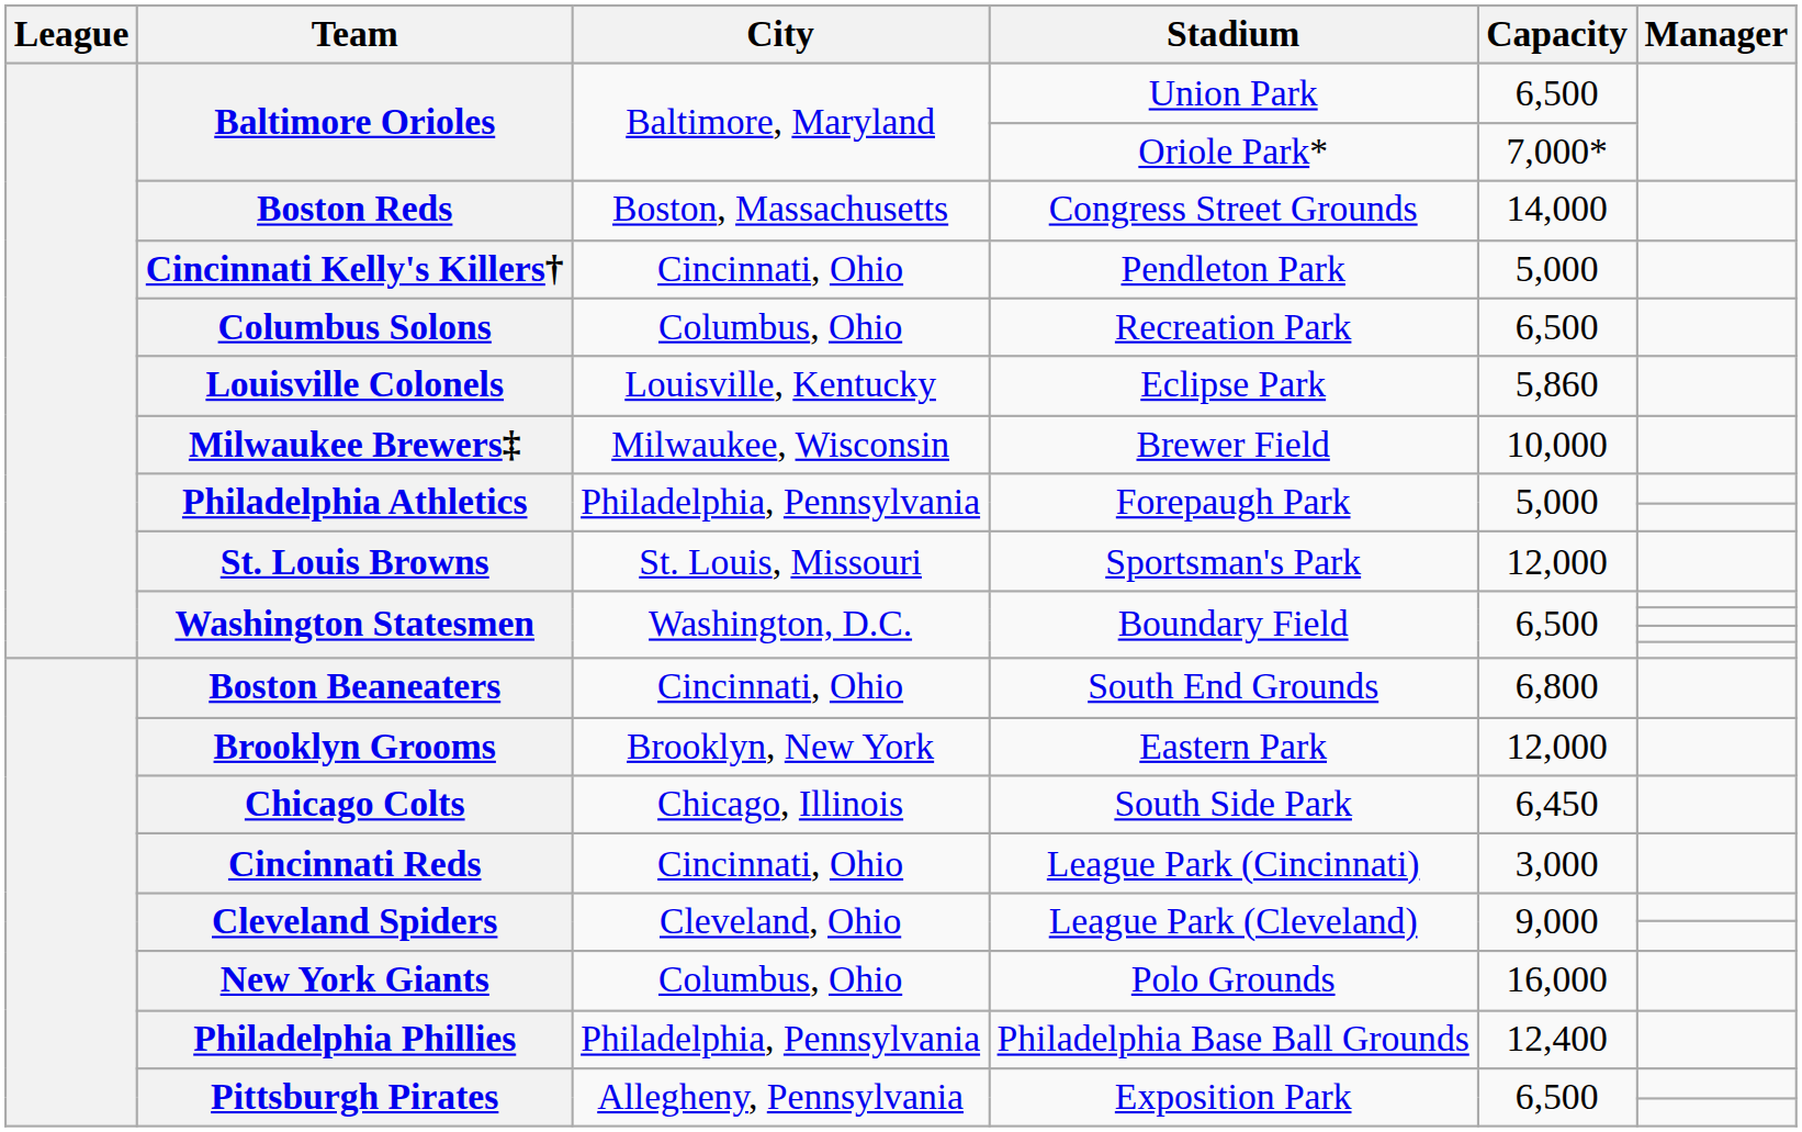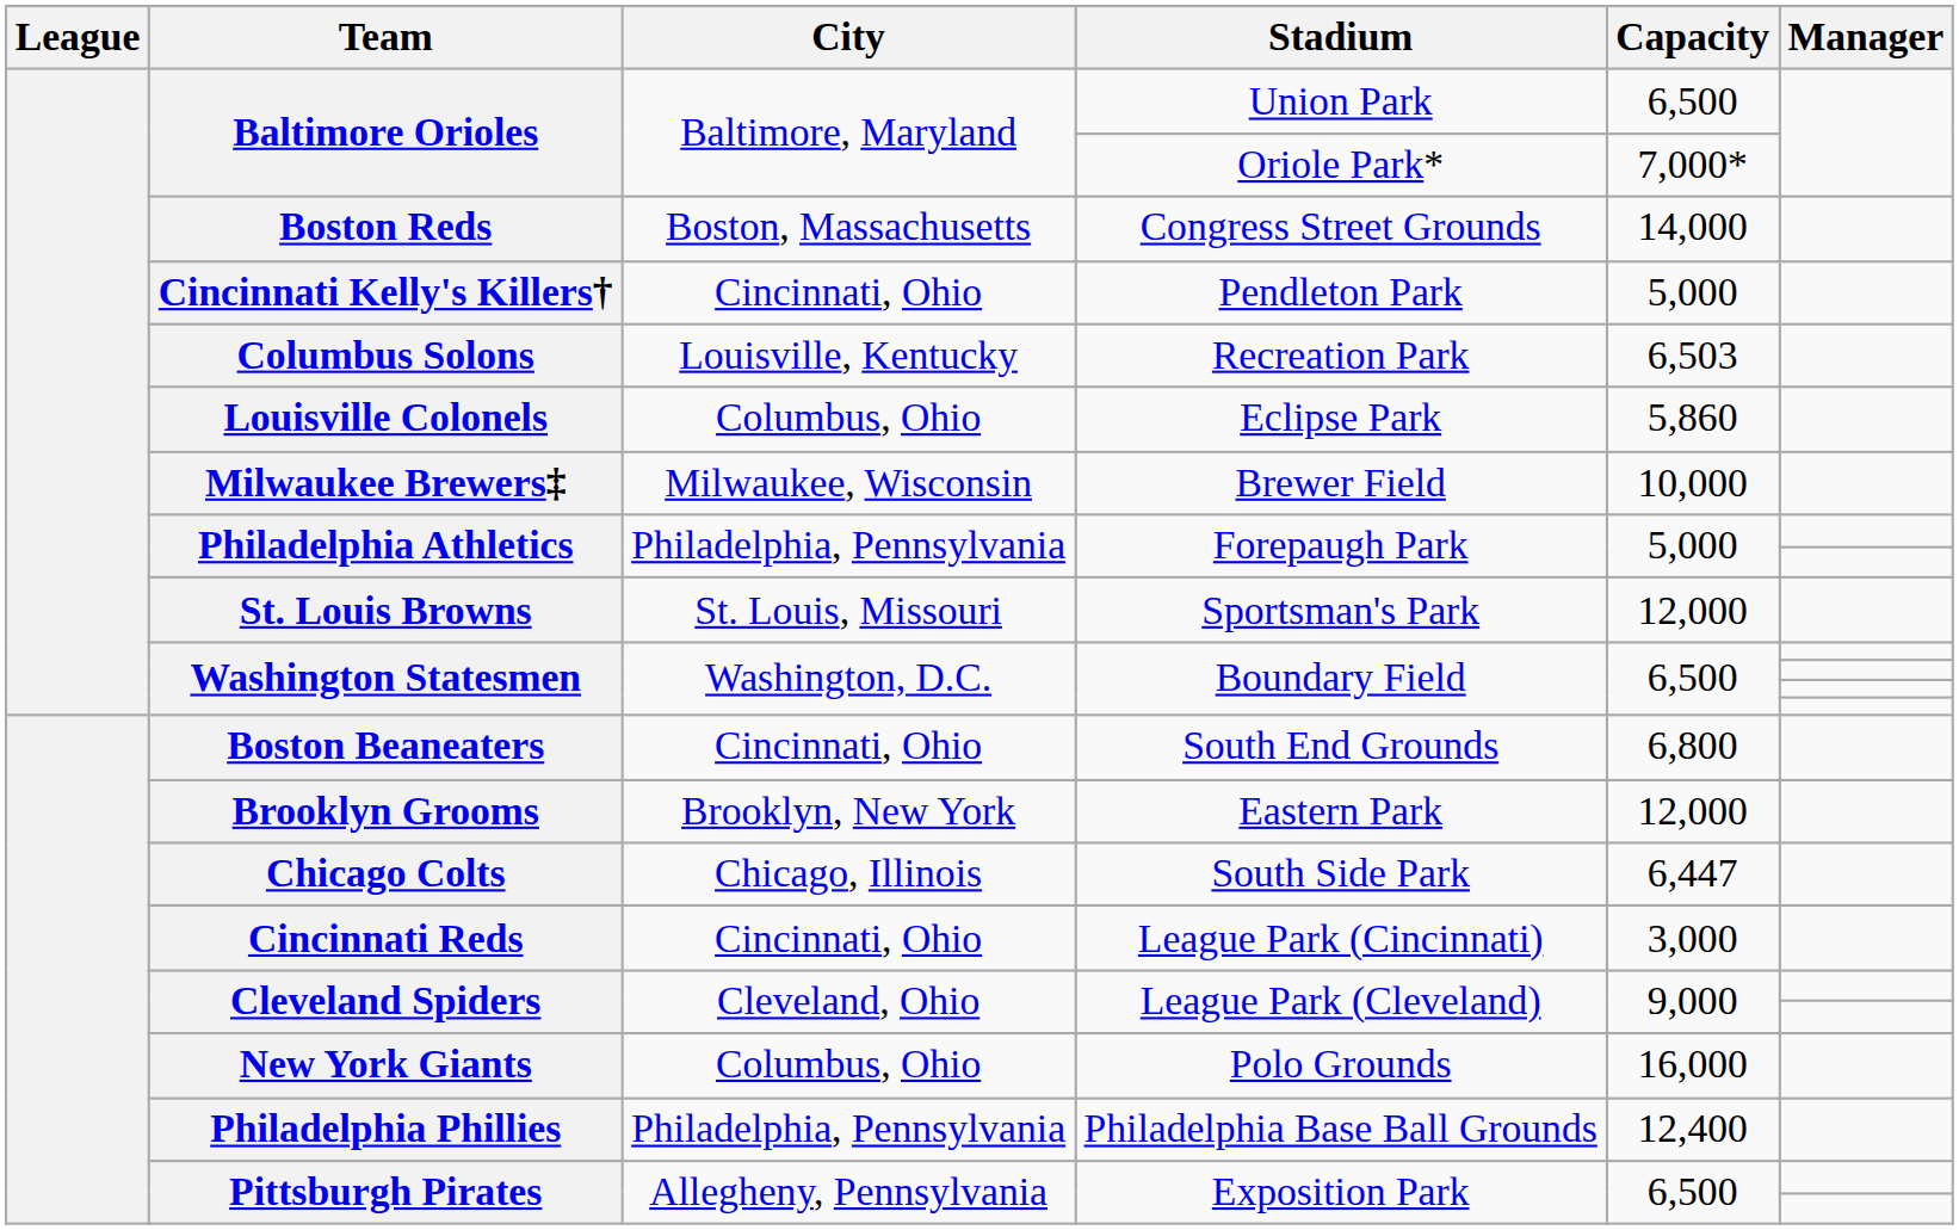 <table class="wikitable sortable plainrowheaders" style="text-align:center;">
 <tr>
 <th scope="col">League</th>
 <th scope="col">Team</th>
 <th scope="col">City</th>
 <th scope="col">Stadium</th>
 <th scope="col">Capacity</th>
 <th scope="col">Manager</th>
 </tr>
 <tr>
 <th rowspan="14"></th>
 <th rowspan="2" scope="row"><a href='#'>Baltimore Orioles</a></th>
 <td rowspan="2"><a href='#'>Baltimore</a>, <a href='#'>Maryland</a></td>
 <td><a href='#'>Union Park</a></td>
 <td>6,500</td>
 <td rowspan="2"></td>
 </tr>
 <tr>
 <td><a href='#'>Oriole Park</a>*</td>
 <td>7,000*</td>
 </tr>
 <tr>
 <th scope="row"><a href='#'>Boston Reds</a></th>
 <td><a href='#'>Boston</a>, <a href='#'>Massachusetts</a></td>
 <td><a href='#'>Congress Street Grounds</a></td>
 <td>14,000</td>
 <td></td>
 </tr>
 <tr>
 <th scope="row"><a href='#'>Cincinnati Kelly's Killers</a>†</th>
 <td><a href='#'>Cincinnati</a>, <a href='#'>Ohio</a></td>
 <td><a href='#'>Pendleton Park</a></td>
 <td>5,000</td>
 <td></td>
 </tr>
 <tr>
 <th scope="row"><a href='#'>Columbus Solons</a></th>
-<td><a href='#'>Columbus</a>, <a href='#'>Ohio</a></td>
+<td><a href='#'>Louisville</a>, <a href='#'>Kentucky</a></td>
 <td><a href='#'>Recreation Park</a></td>
-<td>6,500</td>
+<td>6,503</td>
 <td></td>
 </tr>
 <tr>
 <th scope="row"><a href='#'>Louisville Colonels</a></th>
-<td><a href='#'>Louisville</a>, <a href='#'>Kentucky</a></td>
+<td><a href='#'>Columbus</a>, <a href='#'>Ohio</a></td>
 <td><a href='#'>Eclipse Park</a></td>
 <td>5,860</td>
 <td></td>
 </tr>
 <tr>
 <th scope="row"><a href='#'>Milwaukee Brewers</a>‡</th>
 <td><a href='#'>Milwaukee</a>, <a href='#'>Wisconsin</a></td>
 <td><a href='#'>Brewer Field</a></td>
 <td>10,000</td>
 <td></td>
 </tr>
 <tr>
 <th rowspan="2" scope="row"><a href='#'>Philadelphia Athletics</a></th>
 <td rowspan="2"><a href='#'>Philadelphia</a>, <a href='#'>Pennsylvania</a></td>
 <td rowspan="2"><a href='#'>Forepaugh Park</a></td>
 <td rowspan="2">5,000</td>
 <td></td>
 </tr>
 <tr>
 <td></td>
 </tr>
 <tr>
 <th scope="row"><a href='#'>St. Louis Browns</a></th>
 <td><a href='#'>St. Louis</a>, <a href='#'>Missouri</a></td>
 <td><a href='#'>Sportsman's Park</a></td>
 <td>12,000</td>
 <td></td>
 </tr>
 <tr>
 <th rowspan="4" scope="row"><a href='#'>Washington Statesmen</a></th>
 <td rowspan="4"><a href='#'>Washington, D.C.</a></td>
 <td rowspan="4"><a href='#'>Boundary Field</a></td>
 <td rowspan="4">6,500</td>
 <td></td>
 </tr>
 <tr>
 <td></td>
 </tr>
 <tr>
 <td></td>
 </tr>
 <tr>
 <td></td>
 </tr>
 <tr>
 <th rowspan="10"></th>
 <th scope="row"><a href='#'>Boston Beaneaters</a></th>
 <td><a href='#'>Cincinnati</a>, <a href='#'>Ohio</a></td>
 <td><a href='#'>South End Grounds</a></td>
 <td>6,800</td>
 <td></td>
 </tr>
 <tr>
 <th scope="row"><a href='#'>Brooklyn Grooms</a></th>
 <td><a href='#'>Brooklyn</a>, <a href='#'>New York</a></td>
 <td><a href='#'>Eastern Park</a></td>
 <td>12,000</td>
 <td></td>
 </tr>
 <tr>
 <th scope="row"><a href='#'>Chicago Colts</a></th>
 <td><a href='#'>Chicago</a>, <a href='#'>Illinois</a></td>
 <td><a href='#'>South Side Park</a></td>
-<td>6,450</td>
+<td>6,447</td>
 <td></td>
 </tr>
 <tr>
 <th scope="row"><a href='#'>Cincinnati Reds</a></th>
 <td><a href='#'>Cincinnati</a>, <a href='#'>Ohio</a></td>
 <td><a href='#'>League Park (Cincinnati)</a></td>
 <td>3,000</td>
 <td></td>
 </tr>
 <tr>
 <th rowspan="2" scope="row"><a href='#'>Cleveland Spiders</a></th>
 <td rowspan="2"><a href='#'>Cleveland</a>, <a href='#'>Ohio</a></td>
 <td rowspan="2"><a href='#'>League Park (Cleveland)</a></td>
 <td rowspan="2">9,000</td>
 <td></td>
 </tr>
 <tr>
 <td></td>
 </tr>
 <tr>
 <th scope="row"><a href='#'>New York Giants</a></th>
 <td><a href='#'>Columbus</a>, <a href='#'>Ohio</a></td>
 <td><a href='#'>Polo Grounds</a></td>
 <td>16,000</td>
 <td></td>
 </tr>
 <tr>
 <th scope="row"><a href='#'>Philadelphia Phillies</a></th>
 <td><a href='#'>Philadelphia</a>, <a href='#'>Pennsylvania</a></td>
 <td><a href='#'>Philadelphia Base Ball Grounds</a></td>
 <td>12,400</td>
 <td></td>
 </tr>
 <tr>
 <th rowspan="2" scope="row"><a href='#'>Pittsburgh Pirates</a></th>
 <td rowspan="2"><a href='#'>Allegheny</a>, <a href='#'>Pennsylvania</a></td>
 <td rowspan="2"><a href='#'>Exposition Park</a></td>
 <td rowspan="2">6,500</td>
 <td></td>
 </tr>
 <tr>
 <td></td>
 </tr>
 </table>
